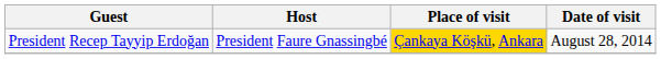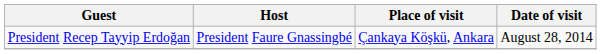 <table class="wikitable" border="1">
 <tr>
 <th>Guest</th>
 <th>Host</th>
 <th>Place of visit</th>
 <th>Date of visit</th>
 </tr>
 <tr>
 <td> <a href='#'>President</a> <a href='#'>Recep Tayyip Erdoğan</a></td>
 <td> <a href='#'>President</a> <a href='#'>Faure Gnassingbé</a></td>
-<td style="background: gold;"><a href='#'>Çankaya Köşkü</a>, <a href='#'>Ankara</a></td>
+<td><a href='#'>Çankaya Köşkü</a>, <a href='#'>Ankara</a></td>
 <td>August 28, 2014</td>
 </tr>
 <tr>
 </tr>
 </table>
